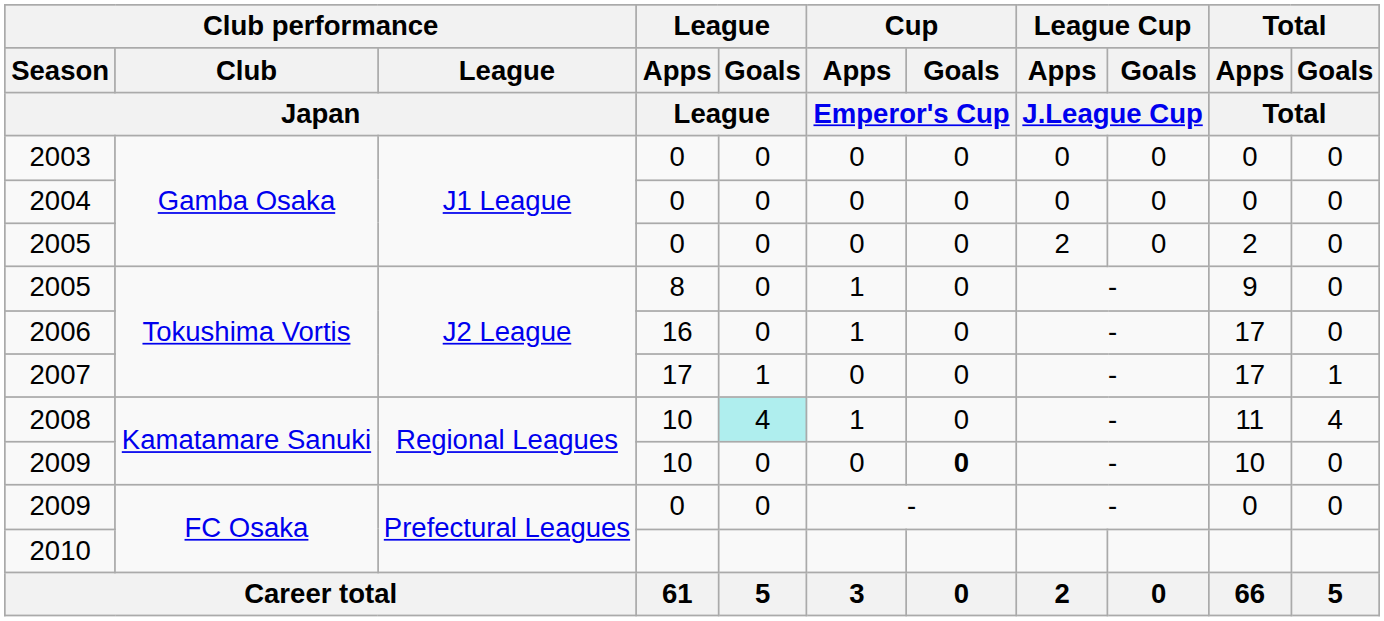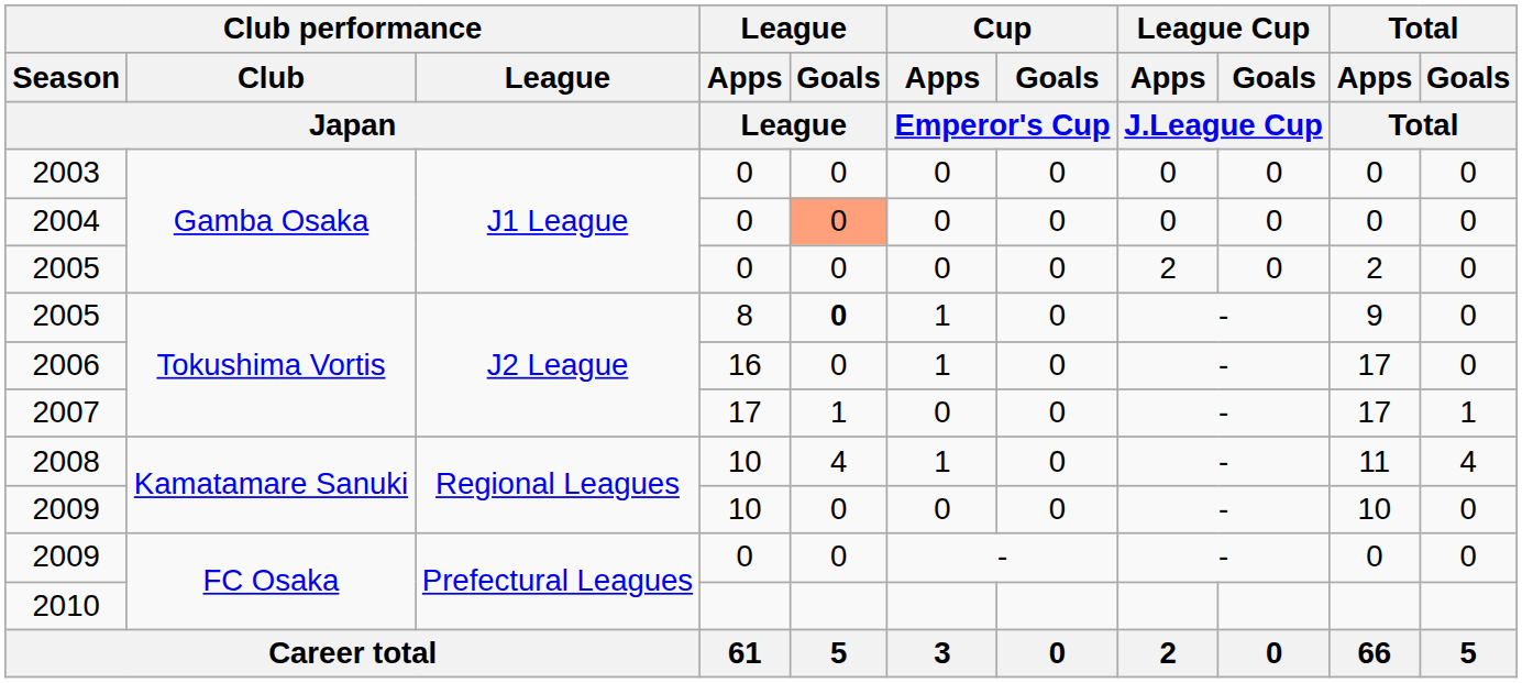 <table class="wikitable" style="text-align:center">
 <tr>
 <th colspan=3>Club performance</th>
 <th colspan=2>League</th>
 <th colspan=2>Cup</th>
 <th colspan=2>League Cup</th>
 <th colspan=2>Total</th>
 </tr>
 <tr>
 <th>Season</th>
 <th>Club</th>
 <th>League</th>
 <th>Apps</th>
 <th>Goals</th>
 <th>Apps</th>
 <th>Goals</th>
 <th>Apps</th>
 <th>Goals</th>
 <th>Apps</th>
 <th>Goals</th>
 </tr>
 <tr>
 <th colspan=3>Japan</th>
 <th colspan=2>League</th>
 <th colspan=2><a href='#'>Emperor's Cup</a></th>
 <th colspan=2><a href='#'>J.League Cup</a></th>
 <th colspan=2>Total</th>
 </tr>
 <tr>
 <td>2003</td>
 <td rowspan="3"><a href='#'>Gamba Osaka</a></td>
 <td rowspan="3"><a href='#'>J1 League</a></td>
 <td>0</td>
 <td>0</td>
 <td>0</td>
 <td>0</td>
 <td>0</td>
 <td>0</td>
 <td>0</td>
 <td>0</td>
 </tr>
 <tr>
 <td>2004</td>
 <td>0</td>
-<td>0</td>
+<td style="background: lightsalmon;">0</td>
 <td>0</td>
 <td>0</td>
 <td>0</td>
 <td>0</td>
 <td>0</td>
 <td>0</td>
 </tr>
 <tr>
 <td>2005</td>
 <td>0</td>
 <td>0</td>
 <td>0</td>
 <td>0</td>
 <td>2</td>
 <td>0</td>
 <td>2</td>
 <td>0</td>
 </tr>
 <tr>
 <td>2005</td>
 <td rowspan="3"><a href='#'>Tokushima Vortis</a></td>
 <td rowspan="3"><a href='#'>J2 League</a></td>
 <td>8</td>
-<td>0</td>
+<td><strong>0</strong></td>
 <td>1</td>
 <td>0</td>
 <td colspan="2">-</td>
 <td>9</td>
 <td>0</td>
 </tr>
 <tr>
 <td>2006</td>
 <td>16</td>
 <td>0</td>
 <td>1</td>
 <td>0</td>
 <td colspan="2">-</td>
 <td>17</td>
 <td>0</td>
 </tr>
 <tr>
 <td>2007</td>
 <td>17</td>
 <td>1</td>
 <td>0</td>
 <td>0</td>
 <td colspan="2">-</td>
 <td>17</td>
 <td>1</td>
 </tr>
 <tr>
 <td>2008</td>
 <td rowspan="2"><a href='#'>Kamatamare Sanuki</a></td>
 <td rowspan="2"><a href='#'>Regional Leagues</a></td>
 <td>10</td>
-<td style="background: paleturquoise;">4</td>
+<td>4</td>
 <td>1</td>
 <td>0</td>
 <td colspan="2">-</td>
 <td>11</td>
 <td>4</td>
 </tr>
 <tr>
 <td>2009</td>
 <td>10</td>
 <td>0</td>
 <td>0</td>
-<td><strong>0</strong></td>
+<td>0</td>
 <td colspan="2">-</td>
 <td>10</td>
 <td>0</td>
 </tr>
 <tr>
 <td>2009</td>
 <td rowspan="2"><a href='#'>FC Osaka</a></td>
 <td rowspan="2"><a href='#'>Prefectural Leagues</a></td>
 <td>0</td>
 <td>0</td>
 <td colspan="2">-</td>
 <td colspan="2">-</td>
 <td>0</td>
 <td>0</td>
 </tr>
 <tr>
 <td>2010</td>
 <td></td>
 <td></td>
 <td></td>
 <td></td>
 <td></td>
 <td></td>
 <td></td>
 <td></td>
 </tr>
 <tr>
 <th colspan=3>Career total</th>
 <th>61</th>
 <th>5</th>
 <th>3</th>
 <th>0</th>
 <th>2</th>
 <th>0</th>
 <th>66</th>
 <th>5</th>
 </tr>
 </table>
